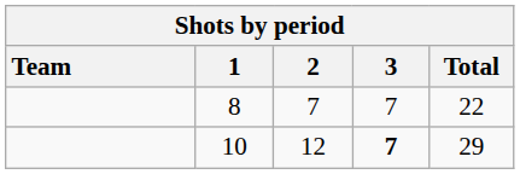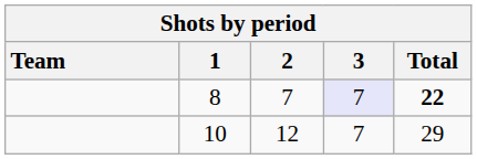 <table class="wikitable" style="width:20em; text-align:right;">
 <tr>
 <th colspan="6">Shots by period</th>
 </tr>
 <tr>
 <th style="width:8em; text-align:left;">Team</th>
 <th style="width:3em;">1</th>
 <th style="width:3em;">2</th>
 <th style="width:3em;">3</th>
 <th style="width:3em;">Total</th>
 </tr>
 <tr>
 <td style="text-align:left;"></td>
 <td style="text-align:center;">8</td>
 <td style="text-align:center;">7</td>
-<td style="text-align:center;">7</td>
-<td style="text-align:center;">22</td>
+<td style="background: lavender; text-align:center;">7</td>
+<td style="text-align:center;"><strong>22</strong></td>
 </tr>
 <tr>
 <td style="text-align:left;"></td>
 <td style="text-align:center;">10</td>
 <td style="text-align:center;">12</td>
-<td style="text-align:center;"><strong>7</strong></td>
+<td style="text-align:center;">7</td>
 <td style="text-align:center;">29</td>
 </tr>
 </table>
